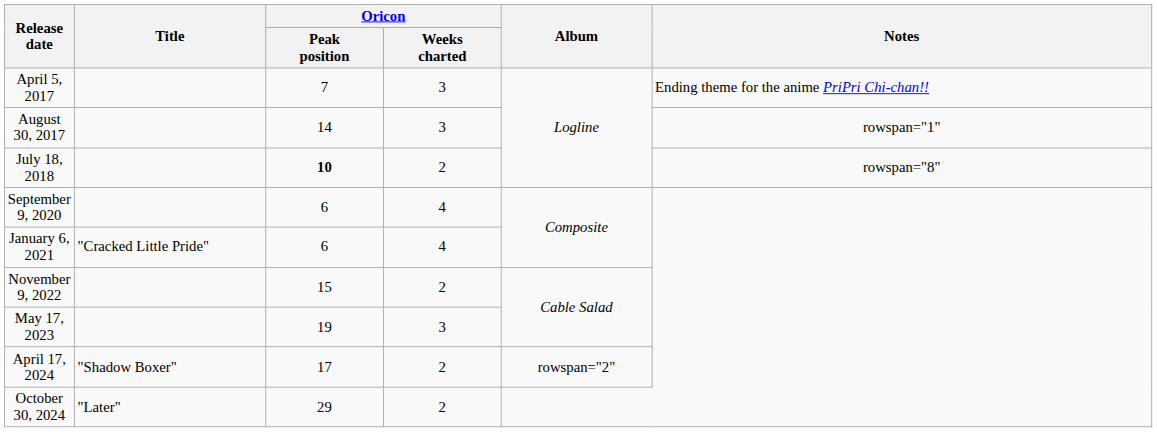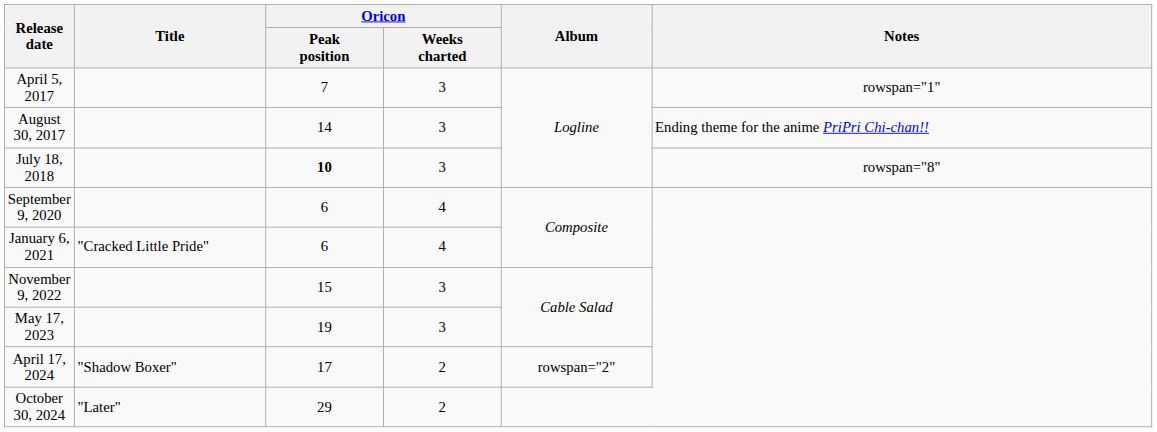 <table class="wikitable plainrowheaders" style="text-align:center">
 <tr>
 <th rowspan=2; style="width:2em;">Release date</th>
 <th rowspan=2; style="width:13em;">Title</th>
 <th colspan=2; style="width:16em;"><a href='#'>Oricon</a></th>
 <th rowspan=2; style="width:10em;">Album</th>
 <th rowspan=2; style="width:35em;">Notes</th>
 </tr>
 <tr>
 <th style="width:6em;">Peak<br>position</th>
 <th style="width:6em;">Weeks<br>charted</th>
 </tr>
 <tr>
 <td>April 5, 2017</td>
 <td align=left></td>
 <td>7</td>
 <td>3</td>
 <td rowspan="3"><em>Logline</em></td>
-<td align=left>Ending theme for the anime <em><a href='#'>PriPri Chi-chan!!</a></em></td>
+<td>rowspan="1" </td>
 </tr>
 <tr>
 <td>August 30, 2017</td>
 <td align=left></td>
 <td>14</td>
 <td>3</td>
-<td>rowspan="1" </td>
+<td align=left>Ending theme for the anime <em><a href='#'>PriPri Chi-chan!!</a></em></td>
 </tr>
 <tr>
 <td>July 18, 2018</td>
 <td align=left></td>
 <td><strong>10</strong></td>
-<td>2</td>
+<td>3</td>
 <td>rowspan="8" </td>
 </tr>
 <tr>
 <td>September 9, 2020</td>
 <td align=left></td>
 <td>6</td>
 <td>4</td>
 <td rowspan="2"><em>Composite</em></td>
 </tr>
 <tr>
 <td>January 6, 2021</td>
 <td align=left>"Cracked Little Pride"</td>
 <td>6</td>
 <td>4</td>
 </tr>
 <tr>
 <td>November 9, 2022</td>
 <td align=left></td>
 <td>15</td>
-<td>2</td>
+<td>3</td>
 <td rowspan="2"><em>Cable Salad</em></td>
 </tr>
 <tr>
 <td>May 17, 2023</td>
 <td align=left></td>
 <td>19</td>
 <td>3</td>
 </tr>
 <tr>
 <td>April 17, 2024</td>
 <td align=left>"Shadow Boxer"</td>
 <td>17</td>
 <td>2</td>
 <td>rowspan="2" </td>
 </tr>
 <tr>
 <td>October 30, 2024</td>
 <td align=left>"Later"</td>
 <td>29</td>
 <td>2</td>
 </tr>
 </table>
